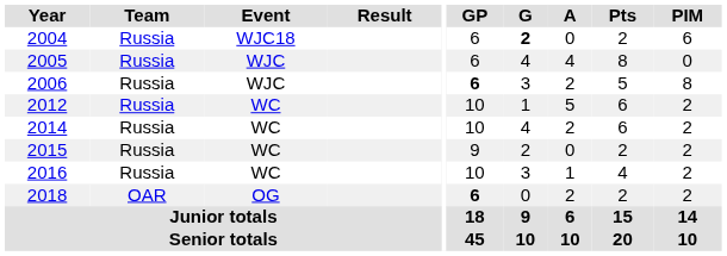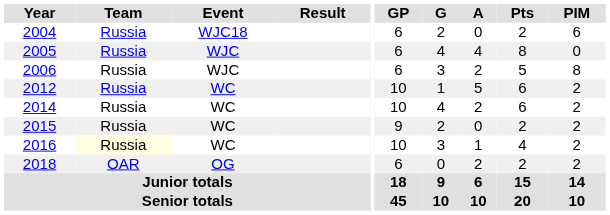 <table border="0" cellpadding="1" cellspacing="0" ID="Table3" style="text-align:center; width:40em">
 <tr ALIGN="center" bgcolor="#e0e0e0">
 <th>Year</th>
 <th>Team</th>
 <th>Event</th>
 <th>Result</th>
 <th rowspan="99" bgcolor="#ffffff"></th>
 <th>GP</th>
 <th>G</th>
 <th>A</th>
 <th>Pts</th>
 <th>PIM</th>
 </tr>
 <tr>
 <td><a href='#'>2004</a></td>
 <td><a href='#'>Russia</a></td>
 <td><a href='#'>WJC18</a></td>
 <td></td>
 <td>6</td>
-<td><strong>2</strong></td>
+<td>2</td>
 <td>0</td>
 <td>2</td>
 <td>6</td>
 </tr>
 <tr bgcolor="#f0f0f0">
 <td><a href='#'>2005</a></td>
 <td><a href='#'>Russia</a></td>
 <td><a href='#'>WJC</a></td>
 <td></td>
 <td>6</td>
 <td>4</td>
 <td>4</td>
 <td>8</td>
 <td>0</td>
 </tr>
 <tr>
 <td><a href='#'>2006</a></td>
 <td>Russia</td>
 <td>WJC</td>
 <td></td>
-<td><strong>6</strong></td>
+<td>6</td>
 <td>3</td>
 <td>2</td>
 <td>5</td>
 <td>8</td>
 </tr>
 <tr bgcolor="#f0f0f0">
 <td><a href='#'>2012</a></td>
 <td><a href='#'>Russia</a></td>
 <td><a href='#'>WC</a></td>
 <td></td>
 <td>10</td>
 <td>1</td>
 <td>5</td>
 <td>6</td>
 <td>2</td>
 </tr>
 <tr>
 <td><a href='#'>2014</a></td>
 <td>Russia</td>
 <td>WC</td>
 <td></td>
 <td>10</td>
 <td>4</td>
 <td>2</td>
 <td>6</td>
 <td>2</td>
 </tr>
 <tr bgcolor="#f0f0f0">
 <td><a href='#'>2015</a></td>
 <td>Russia</td>
 <td>WC</td>
 <td></td>
 <td>9</td>
 <td>2</td>
 <td>0</td>
 <td>2</td>
 <td>2</td>
 </tr>
 <tr>
 <td><a href='#'>2016</a></td>
-<td>Russia</td>
+<td style="background: lightyellow;">Russia</td>
 <td>WC</td>
 <td></td>
 <td>10</td>
 <td>3</td>
 <td>1</td>
 <td>4</td>
 <td>2</td>
 </tr>
 <tr bgcolor="#f0f0f0">
 <td><a href='#'>2018</a></td>
 <td><a href='#'>OAR</a></td>
 <td><a href='#'>OG</a></td>
 <td></td>
-<td><strong>6</strong></td>
+<td>6</td>
 <td>0</td>
 <td>2</td>
 <td>2</td>
 <td>2</td>
 </tr>
 <tr bgcolor="#e0e0e0">
 <th colspan="4">Junior totals</th>
 <th>18</th>
 <th>9</th>
 <th>6</th>
 <th>15</th>
 <th>14</th>
 </tr>
 <tr bgcolor="#e0e0e0">
 <th colspan=4>Senior totals</th>
 <th>45</th>
 <th>10</th>
 <th>10</th>
 <th>20</th>
 <th>10</th>
 </tr>
 </table>
